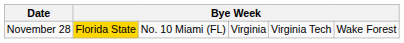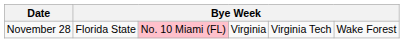 <table class="wikitable" style="font-size:95%;">
 <tr>
 <th>Date</th>
 <th colspan="8">Bye Week</th>
 </tr>
 <tr>
 <td>November 28</td>
-<td style="background: gold;">Florida State</td>
-<td>No. 10 Miami (FL)</td>
+<td>Florida State</td>
+<td style="background: pink;">No. 10 Miami (FL)</td>
 <td>Virginia</td>
 <td>Virginia Tech</td>
 <td>Wake Forest</td>
 </tr>
 </table>
